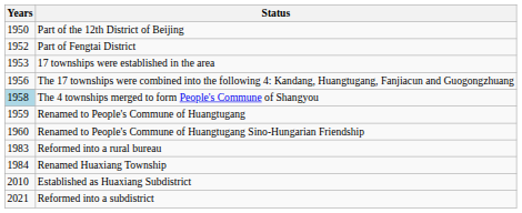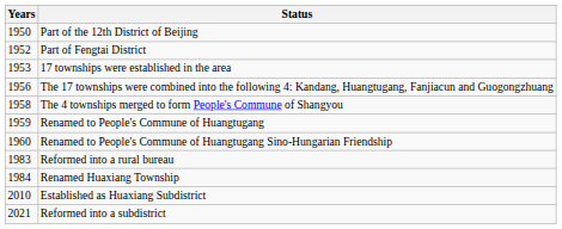 <table class="wikitable">
 <tr>
 <th>Years</th>
 <th>Status</th>
 </tr>
 <tr>
 <td>1950</td>
 <td>Part of  the 12th District of Beijing</td>
 </tr>
 <tr>
 <td>1952</td>
 <td>Part of Fengtai District</td>
 </tr>
 <tr>
 <td>1953</td>
 <td>17 townships were established in the area</td>
 </tr>
 <tr>
 <td>1956</td>
 <td>The 17 townships were combined into the following 4: Kandang, Huangtugang, Fanjiacun and Guogongzhuang</td>
 </tr>
 <tr>
-<td style="background: lightblue;">1958</td>
+<td>1958</td>
 <td>The 4 townships merged to form <a href='#'>People's Commune</a> of Shangyou</td>
 </tr>
 <tr>
 <td>1959</td>
 <td>Renamed to People's Commune of Huangtugang</td>
 </tr>
 <tr>
 <td>1960</td>
 <td>Renamed to People's Commune of Huangtugang Sino-Hungarian Friendship</td>
 </tr>
 <tr>
 <td>1983</td>
 <td>Reformed into a rural bureau</td>
 </tr>
 <tr>
 <td>1984</td>
 <td>Renamed Huaxiang Township</td>
 </tr>
 <tr>
 <td>2010</td>
 <td>Established as Huaxiang Subdistrict</td>
 </tr>
 <tr>
 <td>2021</td>
 <td>Reformed into a subdistrict</td>
 </tr>
 </table>
